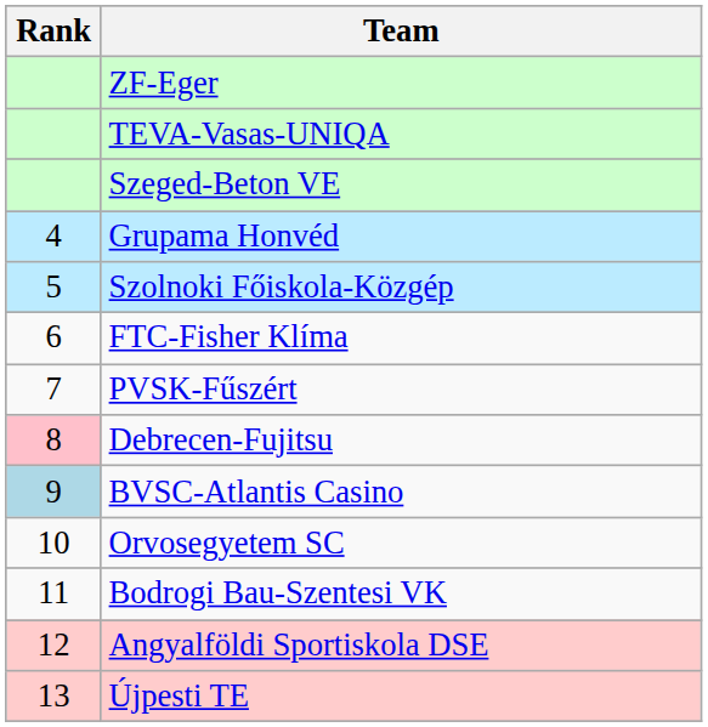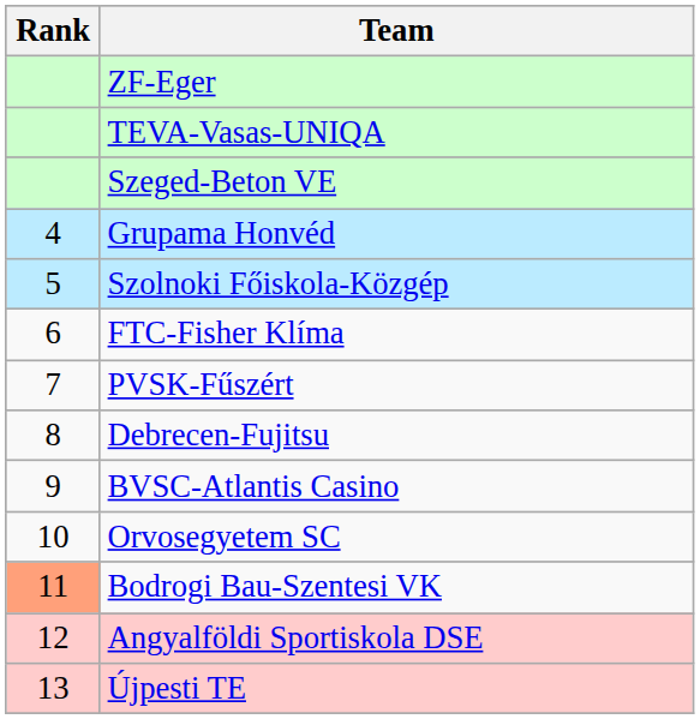 <table class="wikitable">
 <tr>
 <th width=40>Rank</th>
 <th width=290>Team</th>
 </tr>
 <tr bgcolor=#ccffcc>
 <td align="center"></td>
 <td align="left"> <a href='#'>ZF-Eger</a></td>
 </tr>
 <tr bgcolor=#ccffcc>
 <td align="center"></td>
 <td align="left"> <a href='#'>TEVA-Vasas-UNIQA</a></td>
 </tr>
 <tr bgcolor=#ccffcc>
 <td align="center"></td>
 <td align="left"> <a href='#'>Szeged-Beton VE</a></td>
 </tr>
 <tr bgcolor=#bbebff>
 <td align="center">4</td>
 <td align="left"> <a href='#'>Grupama Honvéd</a></td>
 </tr>
 <tr bgcolor=#bbebff>
 <td align="center">5</td>
 <td align="left"> <a href='#'>Szolnoki Főiskola-Közgép</a></td>
 </tr>
 <tr>
 <td align="center">6</td>
 <td align="left"> <a href='#'>FTC-Fisher Klíma</a></td>
 </tr>
 <tr>
 <td align="center">7</td>
 <td align="left"> <a href='#'>PVSK-Fűszért</a></td>
 </tr>
 <tr>
-<td align="center" style="background: pink;">8</td>
+<td align="center">8</td>
 <td align="left"> <a href='#'>Debrecen-Fujitsu</a></td>
 </tr>
 <tr>
-<td align="center" style="background: lightblue;">9</td>
+<td align="center">9</td>
 <td align="left"> <a href='#'>BVSC-Atlantis Casino</a></td>
 </tr>
 <tr>
 <td align="center">10</td>
 <td align="left"> <a href='#'>Orvosegyetem SC</a></td>
 </tr>
 <tr>
-<td align="center">11</td>
+<td align="center" style="background: lightsalmon;">11</td>
 <td align="left"> <a href='#'>Bodrogi Bau-Szentesi VK</a></td>
 </tr>
 <tr bgcolor=#ffcccc>
 <td align="center">12</td>
 <td align="left"> <a href='#'>Angyalföldi Sportiskola DSE</a></td>
 </tr>
 <tr bgcolor=#ffcccc>
 <td align="center">13</td>
 <td align="left"> <a href='#'>Újpesti TE</a></td>
 </tr>
 </table>
